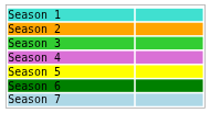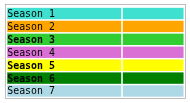 <table cellpadding="0" style="border: 1px solid darkgray;" align="right">
 <tr>
 </tr>
 <tr style="background: turquoise">
 <td width="150">Season 1</td>
 <td width="80"></td>
 </tr>
 <tr style="background: orange">
 <td>Season 2</td>
 <td></td>
 </tr>
 <tr style="background: limegreen">
-<td>Season 3</td>
+<td><strong>Season 3</strong></td>
 <td></td>
 </tr>
 <tr style="background: orchid">
 <td>Season 4</td>
 <td></td>
 </tr>
 <tr style="background: yellow">
-<td>Season 5</td>
+<td><strong>Season 5</strong></td>
 <td></td>
 </tr>
 <tr style="background: green">
-<td>Season 6</td>
+<td><strong>Season 6</strong></td>
 <td></td>
 </tr>
 <tr style="background: lightblue">
 <td>Season 7</td>
 <td></td>
 </tr>
 </table>
